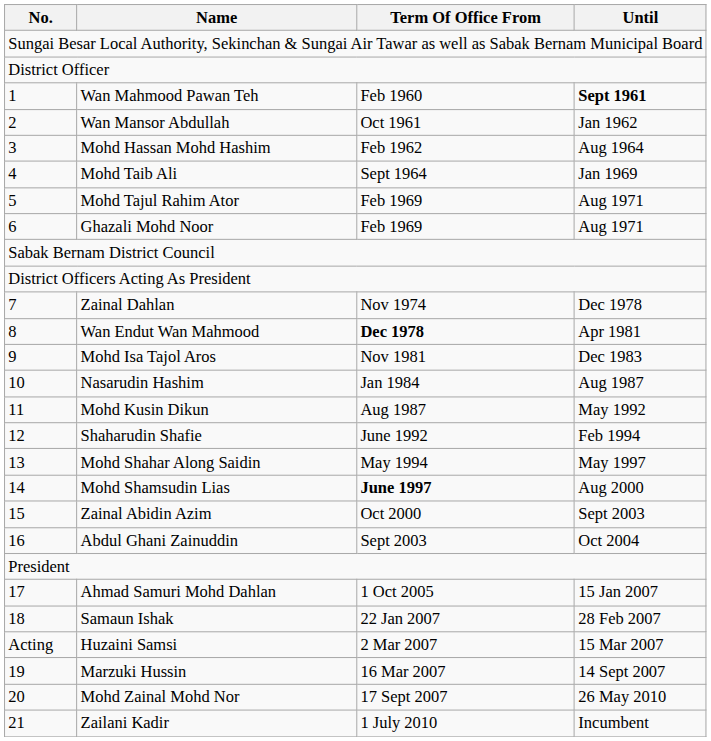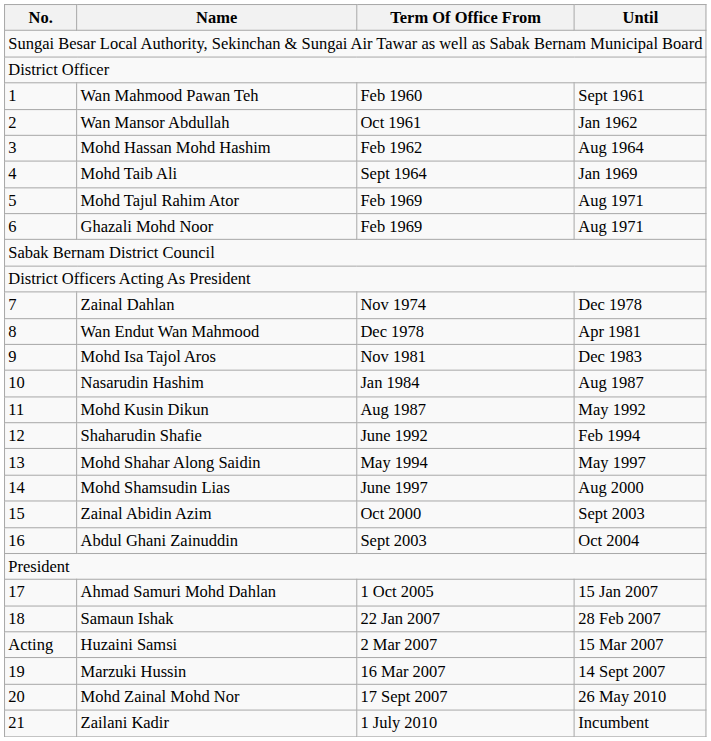 <table class="wikitable">
 <tr>
 <th scope="col">No.</th>
 <th scope="col">Name</th>
 <th scope="col">Term Of Office From</th>
 <th scope="col">Until</th>
 </tr>
 <tr>
 <td colspan=4>Sungai Besar Local Authority, Sekinchan & Sungai Air Tawar as well as Sabak Bernam Municipal Board</td>
 </tr>
 <tr>
 <td colspan=4>District Officer</td>
 </tr>
 <tr>
 <td>1</td>
 <td>Wan Mahmood Pawan Teh</td>
 <td>Feb 1960</td>
-<td><strong>Sept 1961</strong></td>
+<td>Sept 1961</td>
 </tr>
 <tr>
 <td>2</td>
 <td>Wan Mansor Abdullah</td>
 <td>Oct 1961</td>
 <td>Jan 1962</td>
 </tr>
 <tr>
 <td>3</td>
 <td>Mohd Hassan Mohd Hashim</td>
 <td>Feb 1962</td>
 <td>Aug 1964</td>
 </tr>
 <tr>
 <td>4</td>
 <td>Mohd Taib Ali</td>
 <td>Sept 1964</td>
 <td>Jan 1969</td>
 </tr>
 <tr>
 <td>5</td>
 <td>Mohd Tajul Rahim Ator</td>
 <td>Feb 1969</td>
 <td>Aug 1971</td>
 </tr>
 <tr>
 <td>6</td>
 <td>Ghazali Mohd Noor</td>
 <td>Feb 1969</td>
 <td>Aug 1971</td>
 </tr>
 <tr>
 <td colspan=4>Sabak Bernam District Council</td>
 </tr>
 <tr>
 <td colspan=4>District Officers Acting As President</td>
 </tr>
 <tr>
 <td>7</td>
 <td>Zainal Dahlan</td>
 <td>Nov 1974</td>
 <td>Dec 1978</td>
 </tr>
 <tr>
 <td>8</td>
 <td>Wan Endut Wan Mahmood</td>
-<td><strong>Dec 1978</strong></td>
+<td>Dec 1978</td>
 <td>Apr 1981</td>
 </tr>
 <tr>
 <td>9</td>
 <td>Mohd Isa Tajol Aros</td>
 <td>Nov 1981</td>
 <td>Dec 1983</td>
 </tr>
 <tr>
 <td>10</td>
 <td>Nasarudin Hashim</td>
 <td>Jan 1984</td>
 <td>Aug 1987</td>
 </tr>
 <tr>
 <td>11</td>
 <td>Mohd Kusin Dikun</td>
 <td>Aug 1987</td>
 <td>May 1992</td>
 </tr>
 <tr>
 <td>12</td>
 <td>Shaharudin Shafie</td>
 <td>June 1992</td>
 <td>Feb 1994</td>
 </tr>
 <tr>
 <td>13</td>
 <td>Mohd Shahar Along Saidin</td>
 <td>May 1994</td>
 <td>May 1997</td>
 </tr>
 <tr>
 <td>14</td>
 <td>Mohd Shamsudin Lias</td>
-<td><strong>June 1997</strong></td>
+<td>June 1997</td>
 <td>Aug 2000</td>
 </tr>
 <tr>
 <td>15</td>
 <td>Zainal Abidin Azim</td>
 <td>Oct 2000</td>
 <td>Sept 2003</td>
 </tr>
 <tr>
 <td>16</td>
 <td>Abdul Ghani Zainuddin</td>
 <td>Sept 2003</td>
 <td>Oct 2004</td>
 </tr>
 <tr>
 <td colspan=4>President</td>
 </tr>
 <tr>
 <td>17</td>
 <td>Ahmad Samuri Mohd Dahlan</td>
 <td>1 Oct 2005</td>
 <td>15 Jan 2007</td>
 </tr>
 <tr>
 <td>18</td>
 <td>Samaun Ishak</td>
 <td>22 Jan 2007</td>
 <td>28 Feb 2007</td>
 </tr>
 <tr>
 <td>Acting</td>
 <td>Huzaini Samsi</td>
 <td>2 Mar 2007</td>
 <td>15 Mar 2007</td>
 </tr>
 <tr>
 <td>19</td>
 <td>Marzuki Hussin</td>
 <td>16 Mar 2007</td>
 <td>14 Sept 2007</td>
 </tr>
 <tr>
 <td>20</td>
 <td>Mohd Zainal Mohd Nor</td>
 <td>17 Sept 2007</td>
 <td>26 May 2010</td>
 </tr>
 <tr>
 <td>21</td>
 <td>Zailani Kadir</td>
 <td>1 July 2010</td>
 <td>Incumbent</td>
 </tr>
 </table>
